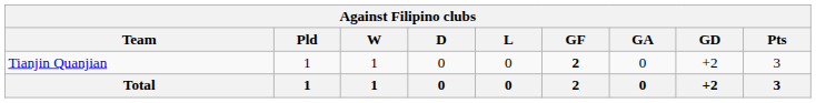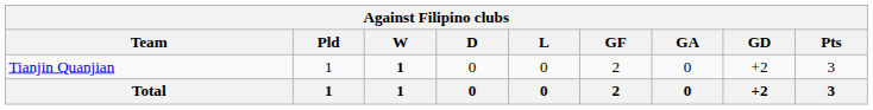 <table width=70% class="wikitable" style="text-align:center">
 <tr>
 <th colspan=9>Against Filipino clubs</th>
 </tr>
 <tr>
 <th width=20%>Team</th>
 <th width=5%>Pld</th>
 <th width=5%>W</th>
 <th width=5%>D</th>
 <th width=5%>L</th>
 <th width=5%>GF</th>
 <th width=5%>GA</th>
 <th width=5%>GD</th>
 <th width=5%>Pts</th>
 </tr>
 <tr>
 <td align=left> <a href='#'>Tianjin Quanjian</a></td>
 <td>1</td>
-<td>1</td>
+<td><strong>1</strong></td>
 <td>0</td>
 <td>0</td>
-<td><strong>2</strong></td>
+<td>2</td>
 <td>0</td>
 <td>+2</td>
 <td>3</td>
 </tr>
 <tr>
 <th>Total</th>
 <th>1</th>
 <th>1</th>
 <th>0</th>
 <th>0</th>
 <th>2</th>
 <th>0</th>
 <th>+2</th>
 <th>3</th>
 </tr>
 </table>
